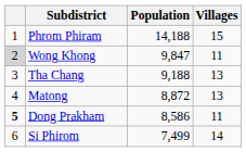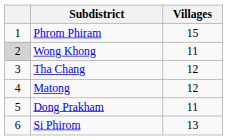 <table class="wikitable" style="width:48%; display:inline-table;">
 <tr>
 <th scope="col" style="width:9%;"> </th>
 <th scope="col" style="width:45%;">Subdistrict</th>
-<th scope="col" style="width:26%;">Population</th>
 <th scope="col" style="width:20%;">Villages</th>
 </tr>
 <tr>
 <td style="text-align:center;">1</td>
 <td><a href='#'>Phrom Phiram</a></td>
-<td style="text-align:right;">14,188</td>
 <td style="text-align:center;">15</td>
 </tr>
 <tr>
 <td style="background: lightgrey; text-align:center;">2</td>
 <td><a href='#'>Wong Khong</a></td>
-<td style="text-align:right;">9,847</td>
 <td style="text-align:center;">11</td>
 </tr>
 <tr>
 <td style="text-align:center;">3</td>
 <td><a href='#'>Tha Chang</a></td>
-<td style="text-align:right;">9,188</td>
-<td style="text-align:center;">13</td>
+<td style="text-align:center;">12</td>
 </tr>
 <tr>
 <td style="text-align:center;">4</td>
 <td><a href='#'>Matong</a></td>
-<td style="text-align:right;">8,872</td>
-<td style="text-align:center;">13</td>
+<td style="text-align:center;">12</td>
 </tr>
 <tr>
-<td style="text-align:center;"><strong>5</strong></td>
+<td style="text-align:center;">5</td>
 <td><a href='#'>Dong Prakham</a></td>
-<td style="text-align:right;">8,586</td>
 <td style="text-align:center;">11</td>
 </tr>
 <tr>
 <td style="text-align:center;">6</td>
 <td><a href='#'>Si Phirom</a></td>
-<td style="text-align:right;">7,499</td>
-<td style="text-align:center;">14</td>
+<td style="text-align:center;">13</td>
 </tr>
 </table>
